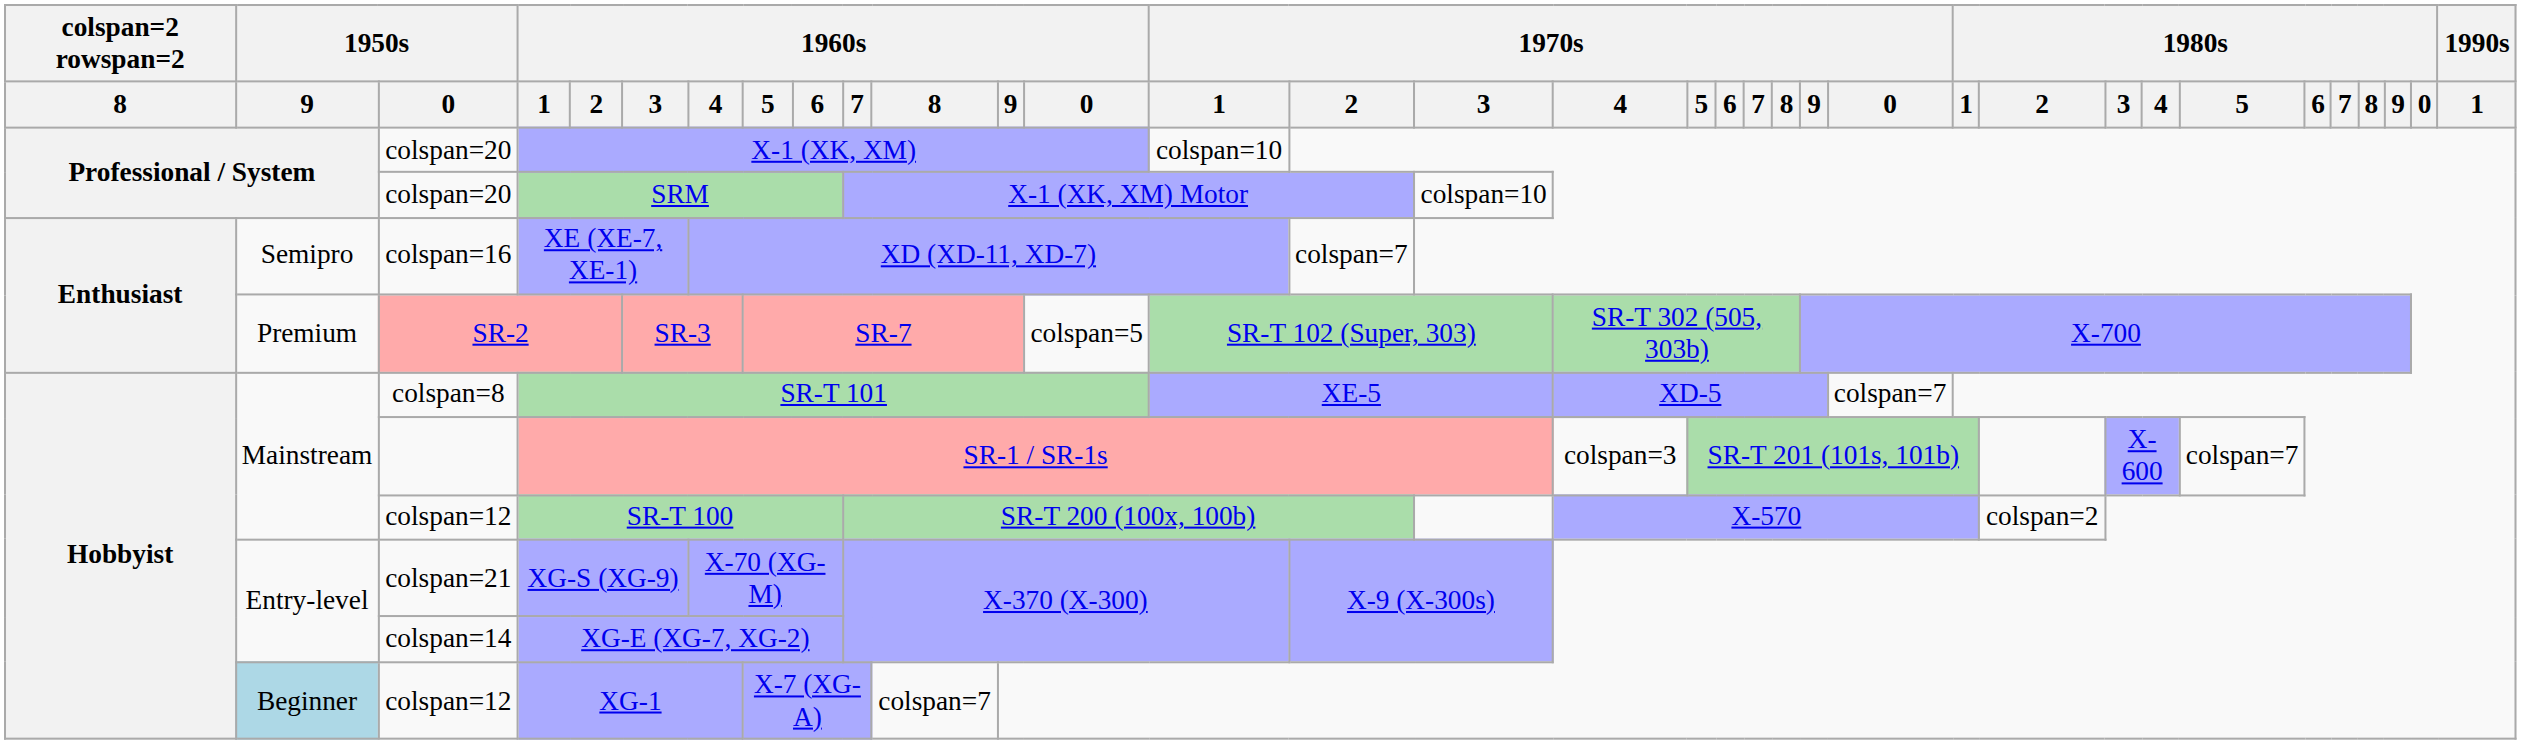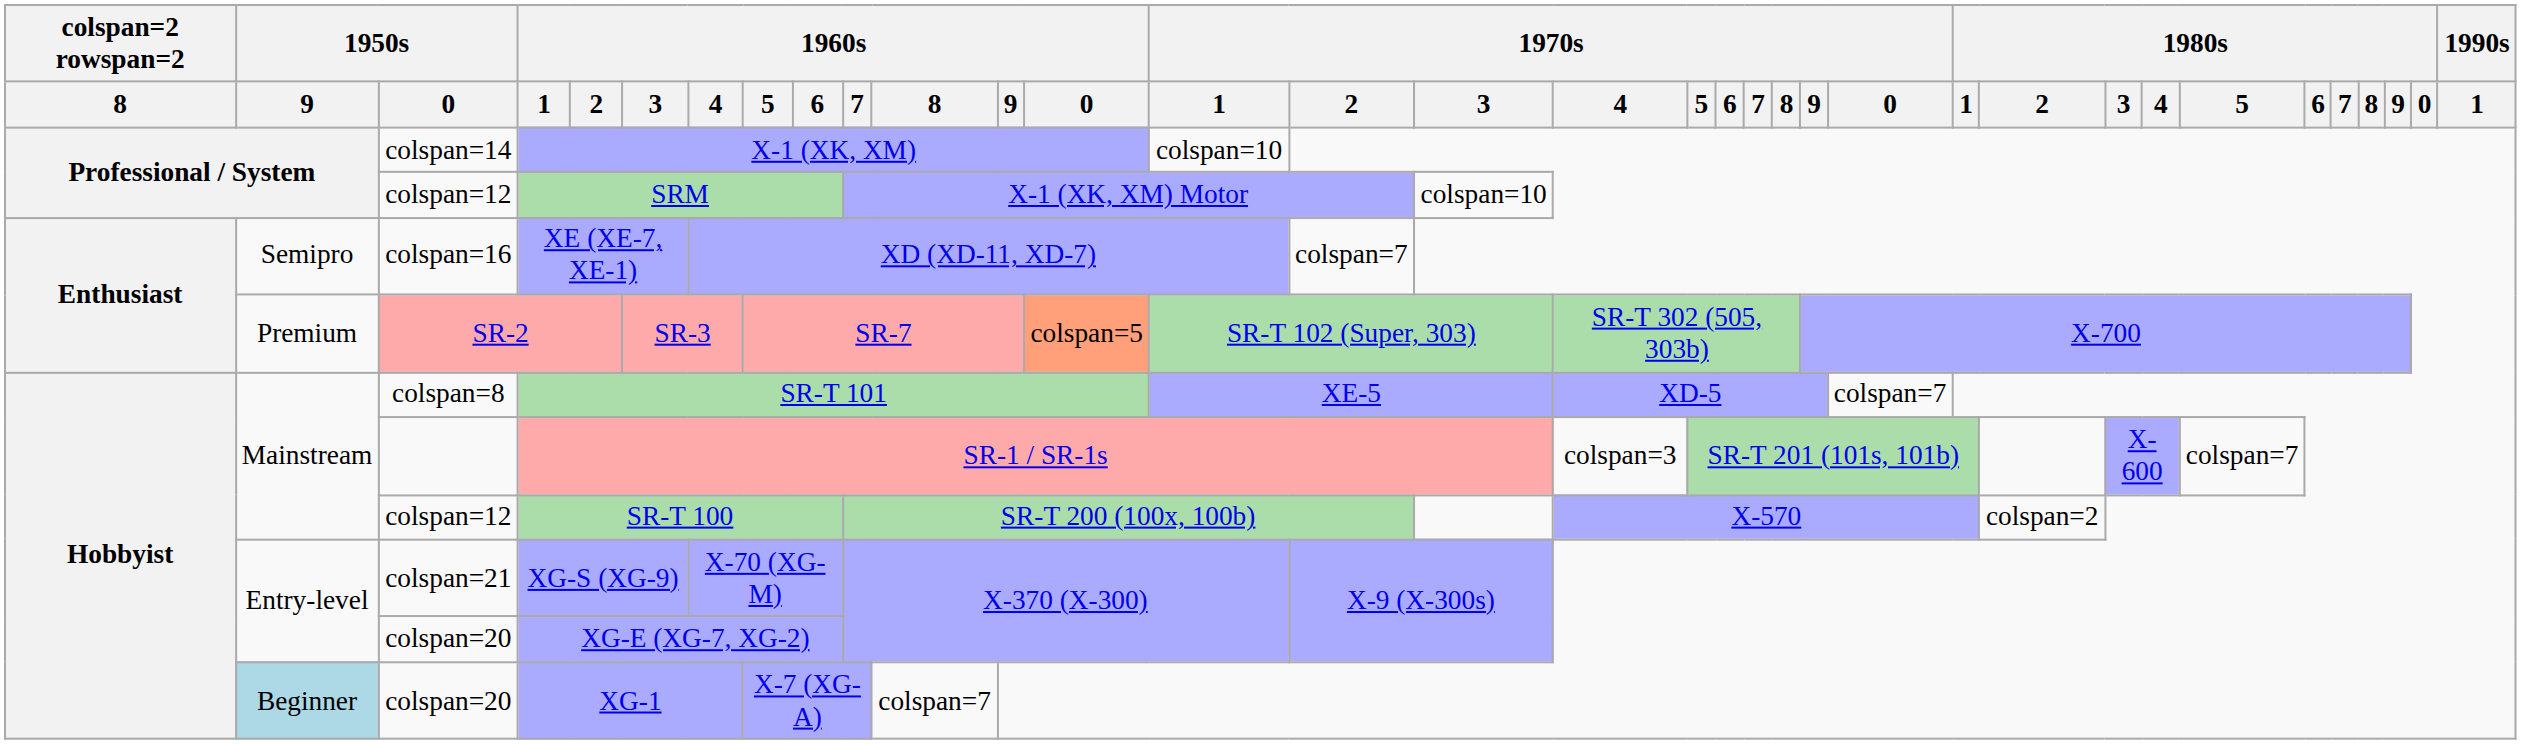 <table class="wikitable" style="font-size:85%;text-align:center;">
 <tr>
 <th>colspan=2 rowspan=2 </th>
 <th colspan=2>1950s</th>
 <th colspan=10>1960s</th>
 <th colspan=10>1970s</th>
 <th colspan=10>1980s</th>
 <th colspan=2>1990s</th>
 </tr>
 <tr>
 <th>8</th>
 <th>9</th>
 <th>0</th>
 <th>1</th>
 <th>2</th>
 <th>3</th>
 <th>4</th>
 <th>5</th>
 <th>6</th>
 <th>7</th>
 <th>8</th>
 <th>9</th>
 <th>0</th>
 <th>1</th>
 <th>2</th>
 <th>3</th>
 <th>4</th>
 <th>5</th>
 <th>6</th>
 <th>7</th>
 <th>8</th>
 <th>9</th>
 <th>0</th>
 <th>1</th>
 <th>2</th>
 <th>3</th>
 <th>4</th>
 <th>5</th>
 <th>6</th>
 <th>7</th>
 <th>8</th>
 <th>9</th>
 <th>0</th>
 <th>1</th>
 </tr>
 <tr>
 <th colspan=2 rowspan=2>Professional / System</th>
-<td>colspan=20 </td>
+<td>colspan=14 </td>
 <td style="background:#aaf;" colspan=10><a href='#'>X-1 (XK, XM)</a></td>
 <td>colspan=10 </td>
 </tr>
 <tr>
-<td>colspan=20 </td>
+<td>colspan=12 </td>
 <td style="background:#ada;" colspan=6><a href='#'>SRM</a></td>
 <td style="background:#aaf;" colspan=6><a href='#'>X-1 (XK, XM) Motor</a></td>
 <td>colspan=10 </td>
 </tr>
 <tr>
 <th rowspan=2>Enthusiast</th>
 <td>Semipro</td>
 <td>colspan=16 </td>
 <td style="background:#aaf;" colspan=3><a href='#'>XE (XE-7, XE-1)</a></td>
 <td style="background:#aaf;" colspan=8><a href='#'>XD (XD-11, XD-7)</a></td>
 <td>colspan=7 </td>
 </tr>
 <tr>
 <td>Premium</td>
 <td style="background:#faa;" colspan=3><a href='#'>SR-2</a></td>
 <td style="background:#faa;" colspan=2><a href='#'>SR-3</a></td>
 <td style="background:#faa;" colspan=5><a href='#'>SR-7</a></td>
-<td>colspan=5 </td>
+<td style="background: lightsalmon;">colspan=5 </td>
 <td style="background:#ada;" colspan=3><a href='#'>SR-T 102 (Super, 303)</a></td>
 <td style="background:#ada;" colspan=5><a href='#'>SR-T 302 (505, 303b)</a></td>
 <td style="background:#aaf;" colspan=11><a href='#'>X-700</a></td>
 </tr>
 <tr>
 <th rowspan=6>Hobbyist</th>
 <td rowspan=3>Mainstream</td>
 <td>colspan=8 </td>
 <td style="background:#ada;" colspan=10><a href='#'>SR-T 101</a></td>
 <td style="background:#aaf;" colspan=3><a href='#'>XE-5</a></td>
 <td style="background:#aaf;" colspan=6><a href='#'>XD-5</a></td>
 <td>colspan=7 </td>
 </tr>
 <tr>
 <td></td>
 <td style="background:#faa;" colspan=13><a href='#'>SR-1 / SR-1s</a></td>
 <td>colspan=3 </td>
 <td style="background:#ada;" colspan=7><a href='#'>SR-T 201 (101s, 101b)</a></td>
 <td></td>
 <td style="background:#aaf;" colspan=2><a href='#'>X-600</a></td>
 <td>colspan=7 </td>
 </tr>
 <tr>
 <td>colspan=12 </td>
 <td style="background:#ada;" colspan=6><a href='#'>SR-T 100</a></td>
 <td style="background:#ada;" colspan=6><a href='#'>SR-T 200 (100x, 100b)</a></td>
 <td></td>
 <td style="background:#aaf;" colspan=8><a href='#'>X-570</a></td>
 <td>colspan=2 </td>
 </tr>
 <tr>
 <td rowspan=2>Entry-level</td>
 <td>colspan=21 </td>
 <td style="background:#aaf;" colspan=3><a href='#'>XG-S (XG-9)</a></td>
 <td style="background:#aaf;" colspan=3><a href='#'>X-70 (XG-M)</a></td>
 <td style="background:#aaf;" colspan=5 rowspan=2><a href='#'>X-370 (X-300)</a></td>
 <td style="background:#aaf;" colspan=2 rowspan=2><a href='#'>X-9 (X-300s)</a></td>
 </tr>
 <tr>
-<td>colspan=14 </td>
+<td>colspan=20 </td>
 <td style="background:#aaf;" colspan=7><a href='#'>XG-E (XG-7, XG-2)</a></td>
 </tr>
 <tr>
 <td style="background: lightblue;">Beginner</td>
-<td>colspan=12 </td>
+<td>colspan=20 </td>
 <td style="background:#aaf;" colspan=4><a href='#'>XG-1</a></td>
 <td style="background:#aaf;" colspan=3><a href='#'>X-7 (XG-A)</a></td>
 <td>colspan=7 </td>
 </tr>
 </table>
